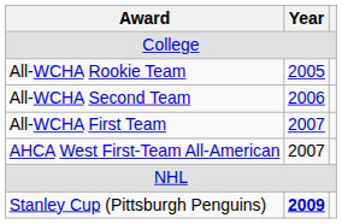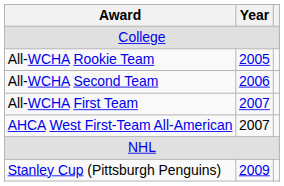 <table class="wikitable">
 <tr>
 <th>Award</th>
 <th>Year</th>
 <th></th>
 </tr>
 <tr ALIGN="center" bgcolor="#e0e0e0">
 <td colspan="3"><a href='#'>College</a></td>
 </tr>
 <tr>
 <td>All-<a href='#'>WCHA</a> <a href='#'>Rookie Team</a></td>
 <td><a href='#'>2005</a></td>
 <td></td>
 </tr>
 <tr>
 <td>All-<a href='#'>WCHA</a> <a href='#'>Second Team</a></td>
 <td><a href='#'>2006</a></td>
 <td></td>
 </tr>
 <tr>
 <td>All-<a href='#'>WCHA</a> <a href='#'>First Team</a></td>
 <td><a href='#'>2007</a></td>
 <td></td>
 </tr>
 <tr>
 <td><a href='#'>AHCA</a> <a href='#'>West First-Team All-American</a></td>
 <td>2007</td>
 <td></td>
 </tr>
 <tr ALIGN="center" bgcolor="#e0e0e0">
 <td colspan="3"><a href='#'>NHL</a></td>
 </tr>
 <tr>
 <td><a href='#'>Stanley Cup</a> (Pittsburgh Penguins)</td>
-<td><strong><a href='#'>2009</a></strong></td>
+<td><a href='#'>2009</a></td>
 <td></td>
 </tr>
 </table>
